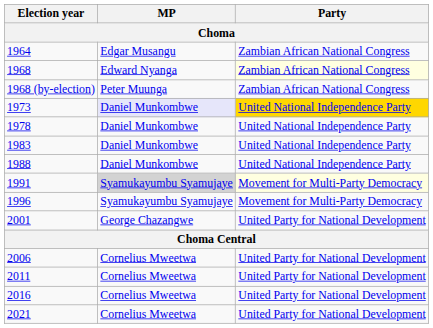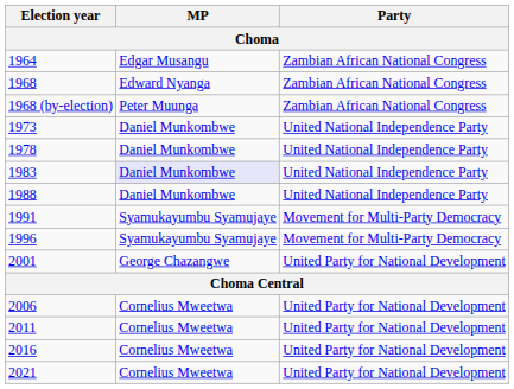 <table class="wikitable">
 <tr>
 <th>Election year</th>
 <th>MP</th>
 <th>Party</th>
 </tr>
 <tr>
 <th colspan="3">Choma</th>
 </tr>
 <tr>
 <td><a href='#'>1964</a></td>
 <td><a href='#'>Edgar Musangu</a></td>
 <td><a href='#'>Zambian African National Congress</a></td>
 </tr>
 <tr>
 <td><a href='#'>1968</a></td>
 <td><a href='#'>Edward Nyanga</a></td>
-<td style="background: lightyellow;"><a href='#'>Zambian African National Congress</a></td>
+<td><a href='#'>Zambian African National Congress</a></td>
 </tr>
 <tr>
 <td><a href='#'>1968 (by-election)</a></td>
 <td><a href='#'>Peter Muunga</a></td>
 <td><a href='#'>Zambian African National Congress</a></td>
 </tr>
 <tr>
 <td><a href='#'>1973</a></td>
-<td style="background: lavender;"><a href='#'>Daniel Munkombwe</a></td>
-<td style="background: gold;"><a href='#'>United National Independence Party</a></td>
+<td><a href='#'>Daniel Munkombwe</a></td>
+<td><a href='#'>United National Independence Party</a></td>
 </tr>
 <tr>
 <td><a href='#'>1978</a></td>
 <td><a href='#'>Daniel Munkombwe</a></td>
 <td><a href='#'>United National Independence Party</a></td>
 </tr>
 <tr>
 <td><a href='#'>1983</a></td>
-<td><a href='#'>Daniel Munkombwe</a></td>
+<td style="background: lavender;"><a href='#'>Daniel Munkombwe</a></td>
 <td><a href='#'>United National Independence Party</a></td>
 </tr>
 <tr>
 <td><a href='#'>1988</a></td>
 <td><a href='#'>Daniel Munkombwe</a></td>
 <td><a href='#'>United National Independence Party</a></td>
 </tr>
 <tr>
 <td><a href='#'>1991</a></td>
-<td style="background: lightgrey;"><a href='#'>Syamukayumbu Syamujaye</a></td>
-<td style="background: lightyellow;"><a href='#'>Movement for Multi-Party Democracy</a></td>
+<td><a href='#'>Syamukayumbu Syamujaye</a></td>
+<td><a href='#'>Movement for Multi-Party Democracy</a></td>
 </tr>
 <tr>
 <td><a href='#'>1996</a></td>
 <td><a href='#'>Syamukayumbu Syamujaye</a></td>
 <td><a href='#'>Movement for Multi-Party Democracy</a></td>
 </tr>
 <tr>
 <td><a href='#'>2001</a></td>
 <td><a href='#'>George Chazangwe</a></td>
 <td><a href='#'>United Party for National Development</a></td>
 </tr>
 <tr>
 <th colspan="3">Choma Central</th>
 </tr>
 <tr>
 <td><a href='#'>2006</a></td>
 <td><a href='#'>Cornelius Mweetwa</a></td>
 <td><a href='#'>United Party for National Development</a></td>
 </tr>
 <tr>
 <td><a href='#'>2011</a></td>
 <td><a href='#'>Cornelius Mweetwa</a></td>
 <td><a href='#'>United Party for National Development</a></td>
 </tr>
 <tr>
 <td><a href='#'>2016</a></td>
 <td><a href='#'>Cornelius Mweetwa</a></td>
 <td><a href='#'>United Party for National Development</a></td>
 </tr>
 <tr>
 <td><a href='#'>2021</a></td>
 <td><a href='#'>Cornelius Mweetwa</a></td>
 <td><a href='#'>United Party for National Development</a></td>
 </tr>
 </table>
